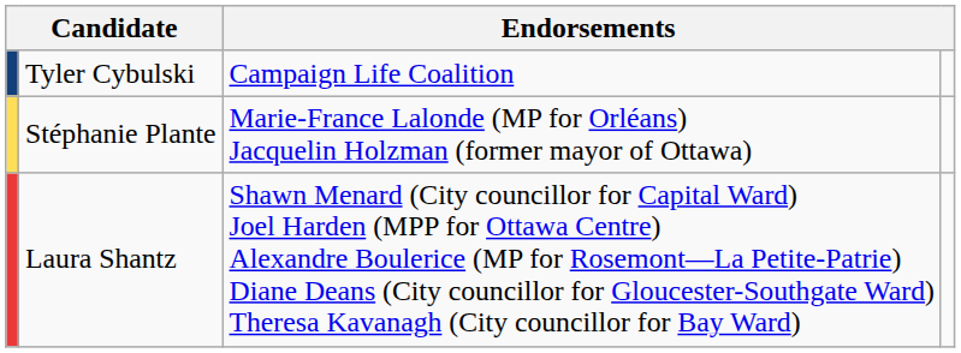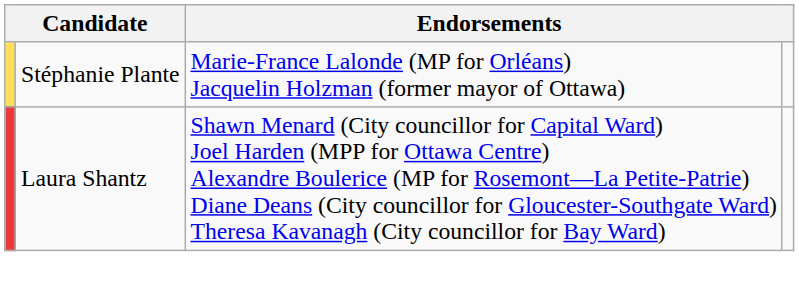 <table class="wikitable">
 <tr>
 <th colspan="2" align="center">Candidate</th>
 <th colspan="2" align="center">Endorsements</th>
-</tr>
-<tr>
-<td style="background-color:#13407B"></td>
-<td style="text-align:left;">Tyler Cybulski</td>
-<td><a href='#'>Campaign Life Coalition</a></td>
-<td></td>
 </tr>
 <tr>
 <td style="background-color:#FFDE59;"></td>
 <td style="text-align:left;">Stéphanie Plante</td>
 <td><a href='#'>Marie-France Lalonde</a> (MP for <a href='#'>Orléans</a>)<br><a href='#'>Jacquelin Holzman</a> (former mayor of Ottawa)</td>
 <td><br></td>
 </tr>
 <tr>
 <td style="background-color:#eb393a;"></td>
 <td style="text-align:left;">Laura Shantz</td>
 <td><a href='#'>Shawn Menard</a> (City councillor for <a href='#'>Capital Ward</a>)<br><a href='#'>Joel Harden</a> (MPP for <a href='#'>Ottawa Centre</a>)<br><a href='#'>Alexandre Boulerice</a> (MP for <a href='#'>Rosemont—La Petite-Patrie</a>)<br><a href='#'>Diane Deans</a> (City councillor for <a href='#'>Gloucester-Southgate Ward</a>)<br><a href='#'>Theresa Kavanagh</a> (City councillor for <a href='#'>Bay Ward</a>)</td>
 <td><br><br><br></td>
 </tr>
 </table>
